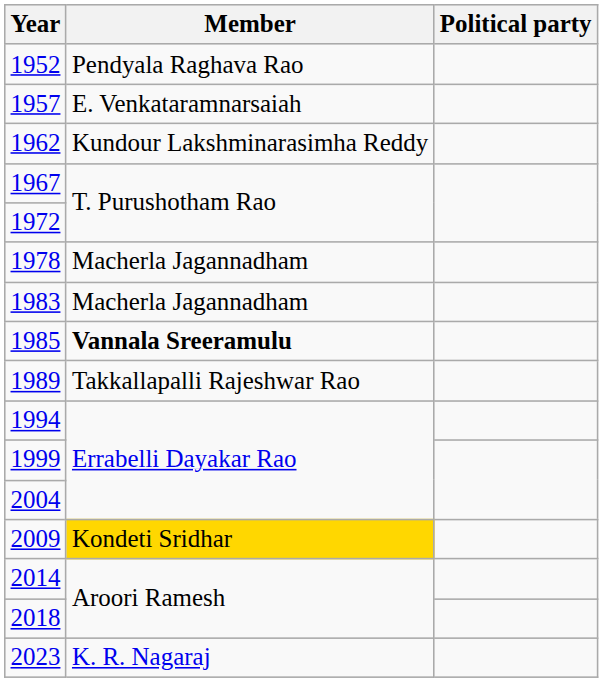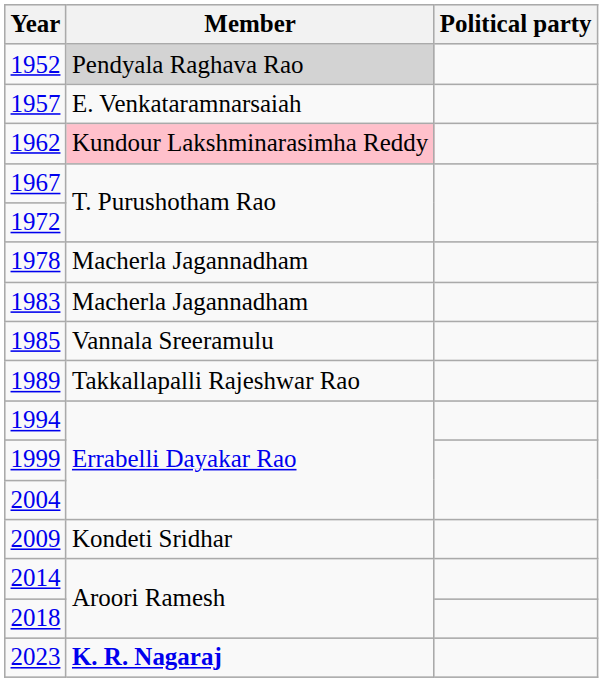 <table class="wikitable sortable">
 <tr>
 <th>Year</th>
 <th>Member</th>
 <th colspan="2">Political party</th>
 </tr>
 <tr>
 <td><a href='#'>1952</a></td>
-<td>Pendyala Raghava Rao</td>
+<td style="background: lightgrey;">Pendyala Raghava Rao</td>
 <td></td>
 </tr>
 <tr>
 <td><a href='#'>1957</a></td>
 <td>E. Venkataramnarsaiah</td>
 <td></td>
 </tr>
 <tr>
 <td><a href='#'>1962</a></td>
-<td>Kundour Lakshminarasimha Reddy</td>
+<td style="background: pink;">Kundour Lakshminarasimha Reddy</td>
 <td></td>
 </tr>
 <tr>
 <td><a href='#'>1967</a></td>
 <td rowspan =2>T. Purushotham Rao</td>
 </tr>
 <tr>
 <td><a href='#'>1972</a></td>
 </tr>
 <tr>
 <td><a href='#'>1978</a></td>
 <td>Macherla Jagannadham</td>
 <td></td>
 </tr>
 <tr>
 <td><a href='#'>1983</a></td>
 <td>Macherla Jagannadham</td>
 <td></td>
 </tr>
 <tr>
 <td><a href='#'>1985</a></td>
-<td><strong>Vannala Sreeramulu</strong></td>
+<td>Vannala Sreeramulu</td>
 <td></td>
 </tr>
 <tr>
 <td><a href='#'>1989</a></td>
 <td>Takkallapalli Rajeshwar Rao</td>
 </tr>
 <tr>
 <td><a href='#'>1994</a></td>
 <td rowspan=3><a href='#'>Errabelli Dayakar Rao</a></td>
 <td></td>
 </tr>
 <tr>
 <td><a href='#'>1999</a></td>
 </tr>
 <tr>
 <td><a href='#'>2004</a></td>
 </tr>
 <tr>
 <td><a href='#'>2009</a></td>
-<td style="background: gold;">Kondeti Sridhar</td>
+<td>Kondeti Sridhar</td>
 <td></td>
 </tr>
 <tr>
 <td><a href='#'>2014</a></td>
 <td rowspan=2>Aroori Ramesh</td>
 <td></td>
 </tr>
 <tr>
 <td><a href='#'>2018</a></td>
 </tr>
 <tr>
 <td><a href='#'>2023</a></td>
-<td><a href='#'>K. R. Nagaraj</a></td>
+<td><strong><a href='#'>K. R. Nagaraj</a></strong></td>
 <td></td>
 </tr>
 </table>
